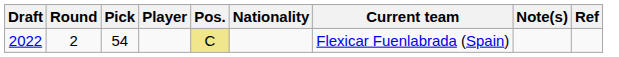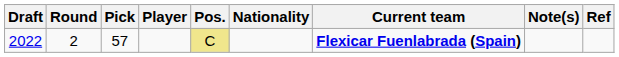 <table class="wikitable sortable" style="text-align:center; font-size:90%;">
 <tr>
 <th>Draft</th>
 <th>Round</th>
 <th>Pick</th>
 <th>Player</th>
 <th>Pos.</th>
 <th>Nationality</th>
 <th>Current team</th>
 <th>Note(s)</th>
 <th class="unsortable">Ref</th>
 </tr>
 <tr>
 <td><a href='#'>2022</a></td>
 <td>2</td>
-<td>54</td>
+<td>57</td>
 <td></td>
 <td style="background: khaki; text-align:center;">C</td>
 <td></td>
-<td><a href='#'>Flexicar Fuenlabrada</a> (<a href='#'>Spain</a>)</td>
+<td><strong><a href='#'>Flexicar Fuenlabrada</a> (<a href='#'>Spain</a>)</strong></td>
 <td></td>
 <td></td>
 </tr>
 </table>
